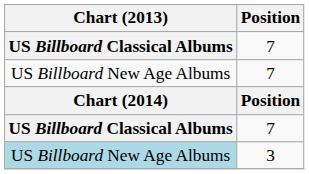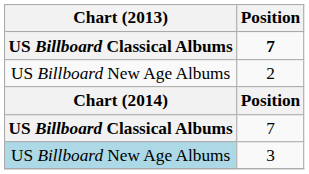 <table class="wikitable plainrowheaders sortable" style="text-align:center;">
 <tr>
 <th>Chart (2013)</th>
 <th>Position</th>
 </tr>
 <tr>
 <th scope="row">US <em>Billboard</em> Classical Albums</th>
-<td>7</td>
+<td><strong>7</strong></td>
 </tr>
 <tr>
 <td>US <em>Billboard</em> New Age Albums</td>
-<td style="text-align:center;">7</td>
+<td style="text-align:center;">2</td>
 </tr>
 <tr>
 <th>Chart (2014)</th>
 <th>Position</th>
 </tr>
 <tr>
 <th scope="row">US <em>Billboard</em> Classical Albums</th>
 <td>7</td>
 </tr>
 <tr>
 <td style="background: lightblue;">US <em>Billboard</em> New Age Albums</td>
 <td style="text-align:center;">3</td>
 </tr>
 <tr>
 </tr>
 </table>
